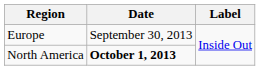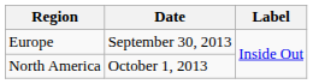 <table class="wikitable">
 <tr>
 <th>Region</th>
 <th>Date</th>
 <th>Label</th>
 </tr>
 <tr>
 <td>Europe</td>
 <td>September 30, 2013</td>
 <td rowspan="2"><a href='#'>Inside Out</a></td>
 </tr>
 <tr>
 <td>North America</td>
-<td><strong>October 1, 2013</strong></td>
+<td>October 1, 2013</td>
 </tr>
 </table>
